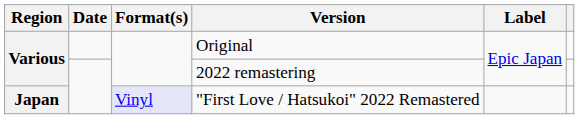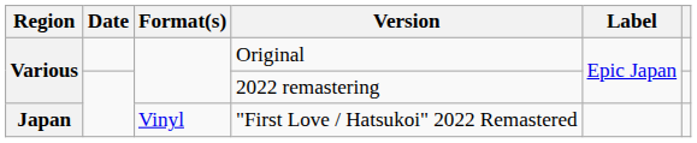 <table class="wikitable plainrowheaders">
 <tr>
 <th scope="col">Region</th>
 <th scope="col">Date</th>
 <th scope="col">Format(s)</th>
 <th scope="col">Version</th>
 <th scope="col">Label</th>
 <th scope="col"></th>
 </tr>
 <tr>
 <th scope="row" rowspan="2">Various</th>
 <td></td>
 <td rowspan="2"></td>
 <td>Original</td>
 <td rowspan="2"><a href='#'>Epic Japan</a></td>
 <td></td>
 </tr>
 <tr>
 <td rowspan="2"></td>
 <td>2022 remastering</td>
 <td></td>
 </tr>
 <tr>
 <th scope="row" rowspan="2">Japan</th>
-<td style="background: lavender;"><a href='#'>Vinyl</a></td>
+<td><a href='#'>Vinyl</a></td>
 <td>"First Love / Hatsukoi" 2022 Remastered</td>
 <td></td>
 <td></td>
 </tr>
 </table>
